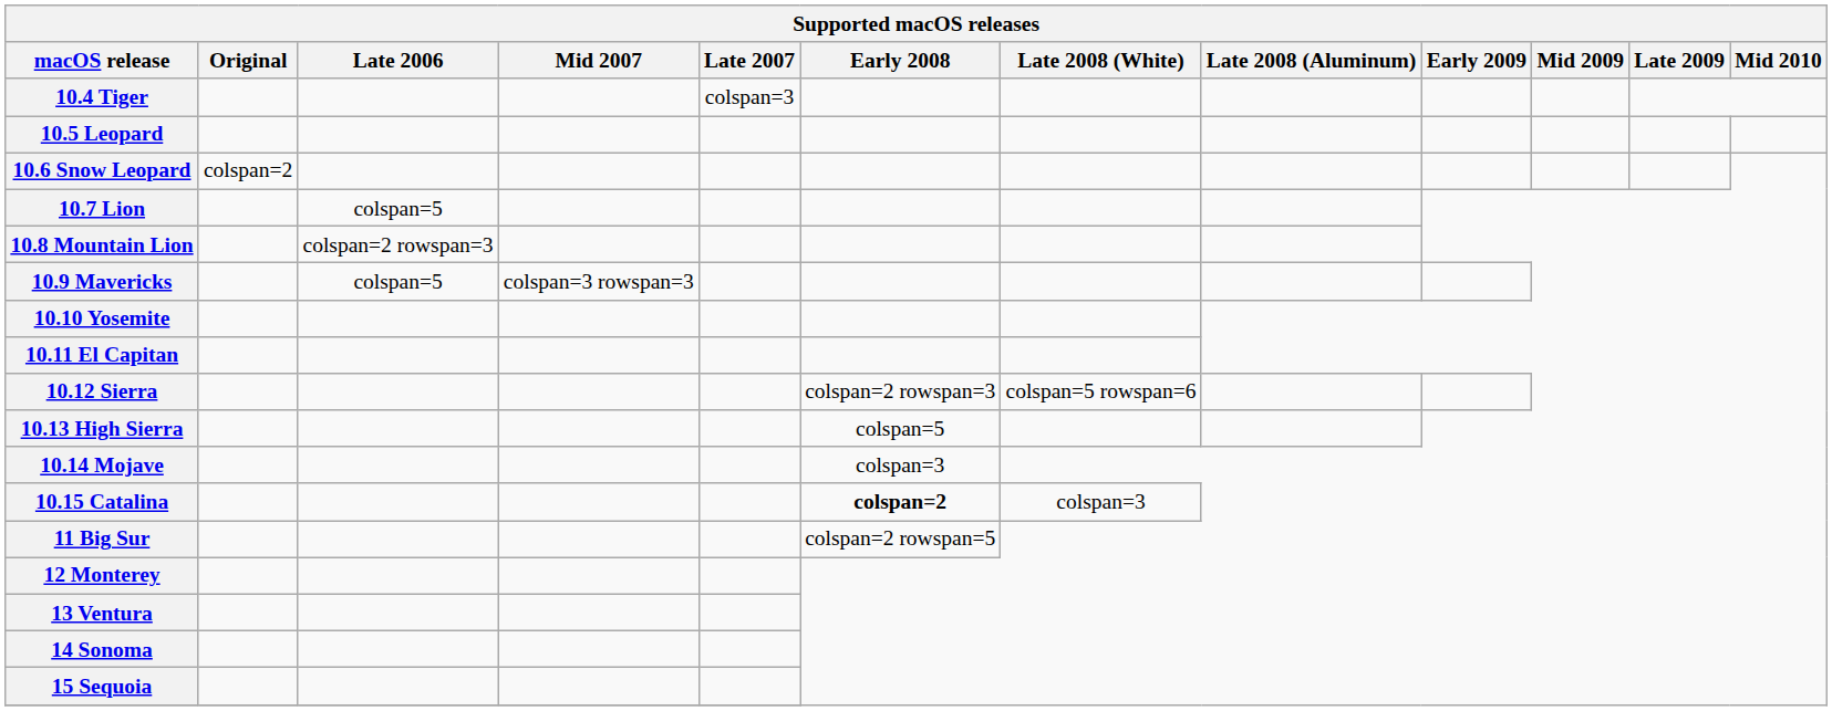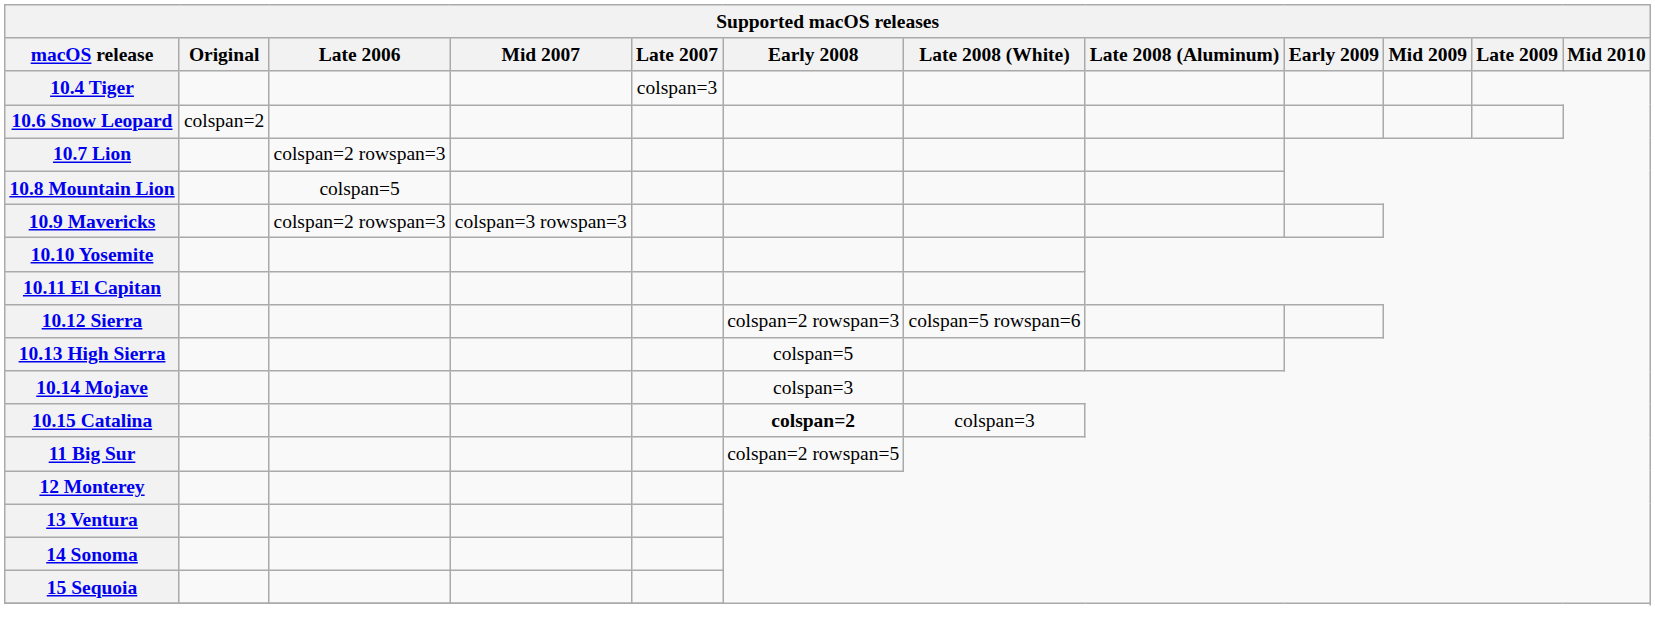 <table class="wikitable" style="font-size:small; text-align:center">
 <tr>
 <th colspan=12>Supported macOS releases</th>
 </tr>
 <tr>
 <th><a href='#'>macOS</a> release</th>
 <th>Original</th>
 <th>Late 2006</th>
 <th>Mid 2007</th>
 <th>Late 2007</th>
 <th>Early 2008</th>
 <th>Late 2008 (White)</th>
 <th>Late 2008 (Aluminum)</th>
 <th>Early 2009</th>
 <th>Mid 2009</th>
 <th>Late 2009</th>
 <th>Mid 2010</th>
 </tr>
 <tr>
 <th><a href='#'>10.4 Tiger</a></th>
 <td></td>
 <td></td>
 <td></td>
 <td>colspan=3 </td>
 <td></td>
 <td></td>
 <td></td>
 <td></td>
 <td></td>
 </tr>
 <tr>
-<th><a href='#'>10.5 Leopard</a></th>
-<td></td>
-<td></td>
-<td></td>
-<td></td>
-<td></td>
-<td></td>
-<td></td>
-<td></td>
-<td></td>
-<td></td>
-<td></td>
-</tr>
-<tr>
 <th><a href='#'>10.6 Snow Leopard</a></th>
 <td>colspan=2 </td>
 <td></td>
 <td></td>
 <td></td>
 <td></td>
 <td></td>
 <td></td>
 <td></td>
 <td></td>
 <td></td>
 </tr>
 <tr>
 <th><a href='#'>10.7 Lion</a></th>
 <td></td>
-<td>colspan=5</td>
+<td>colspan=2 rowspan=3 </td>
 <td></td>
 <td></td>
 <td></td>
 <td></td>
 <td></td>
 </tr>
 <tr>
 <th><a href='#'>10.8 Mountain Lion</a></th>
 <td></td>
-<td>colspan=2 rowspan=3 </td>
+<td>colspan=5 </td>
 <td></td>
 <td></td>
 <td></td>
 <td></td>
 <td></td>
 </tr>
 <tr>
 <th><a href='#'>10.9 Mavericks</a></th>
 <td></td>
-<td>colspan=5</td>
+<td>colspan=2 rowspan=3 </td>
 <td>colspan=3 rowspan=3 </td>
 <td></td>
 <td></td>
 <td></td>
 <td></td>
 <td></td>
 </tr>
 <tr>
 <th><a href='#'>10.10 Yosemite</a></th>
 <td></td>
 <td></td>
 <td></td>
 <td></td>
 <td></td>
 <td></td>
 </tr>
 <tr>
 <th><a href='#'>10.11 El Capitan</a></th>
 <td></td>
 <td></td>
 <td></td>
 <td></td>
 <td></td>
 <td></td>
 </tr>
 <tr>
 <th><a href='#'>10.12 Sierra</a></th>
 <td></td>
 <td></td>
 <td></td>
 <td></td>
 <td>colspan=2 rowspan=3 </td>
 <td>colspan=5 rowspan=6 </td>
 <td></td>
 <td></td>
 </tr>
 <tr>
 <th><a href='#'>10.13 High Sierra</a></th>
 <td></td>
 <td></td>
 <td></td>
 <td></td>
 <td>colspan=5 </td>
 <td></td>
 <td></td>
 </tr>
 <tr>
 <th><a href='#'>10.14 Mojave</a></th>
 <td></td>
 <td></td>
 <td></td>
 <td></td>
 <td>colspan=3 </td>
 </tr>
 <tr>
 <th><a href='#'>10.15 Catalina</a></th>
 <td></td>
 <td></td>
 <td></td>
 <td></td>
 <td><strong>colspan=2 </strong></td>
 <td>colspan=3 </td>
 </tr>
 <tr>
 <th><a href='#'>11 Big Sur</a></th>
 <td></td>
 <td></td>
 <td></td>
 <td></td>
 <td>colspan=2 rowspan=5 </td>
 </tr>
 <tr>
 <th><a href='#'>12 Monterey</a></th>
 <td></td>
 <td></td>
 <td></td>
 <td></td>
 </tr>
 <tr>
 <th><a href='#'>13 Ventura</a></th>
 <td></td>
 <td></td>
 <td></td>
 <td></td>
 </tr>
 <tr>
 <th><a href='#'>14 Sonoma</a></th>
 <td></td>
 <td></td>
 <td></td>
 <td></td>
 </tr>
 <tr>
 <th><a href='#'>15 Sequoia</a></th>
 <td></td>
 <td></td>
 <td></td>
 <td></td>
 </tr>
 <tr>
 </tr>
 </table>
